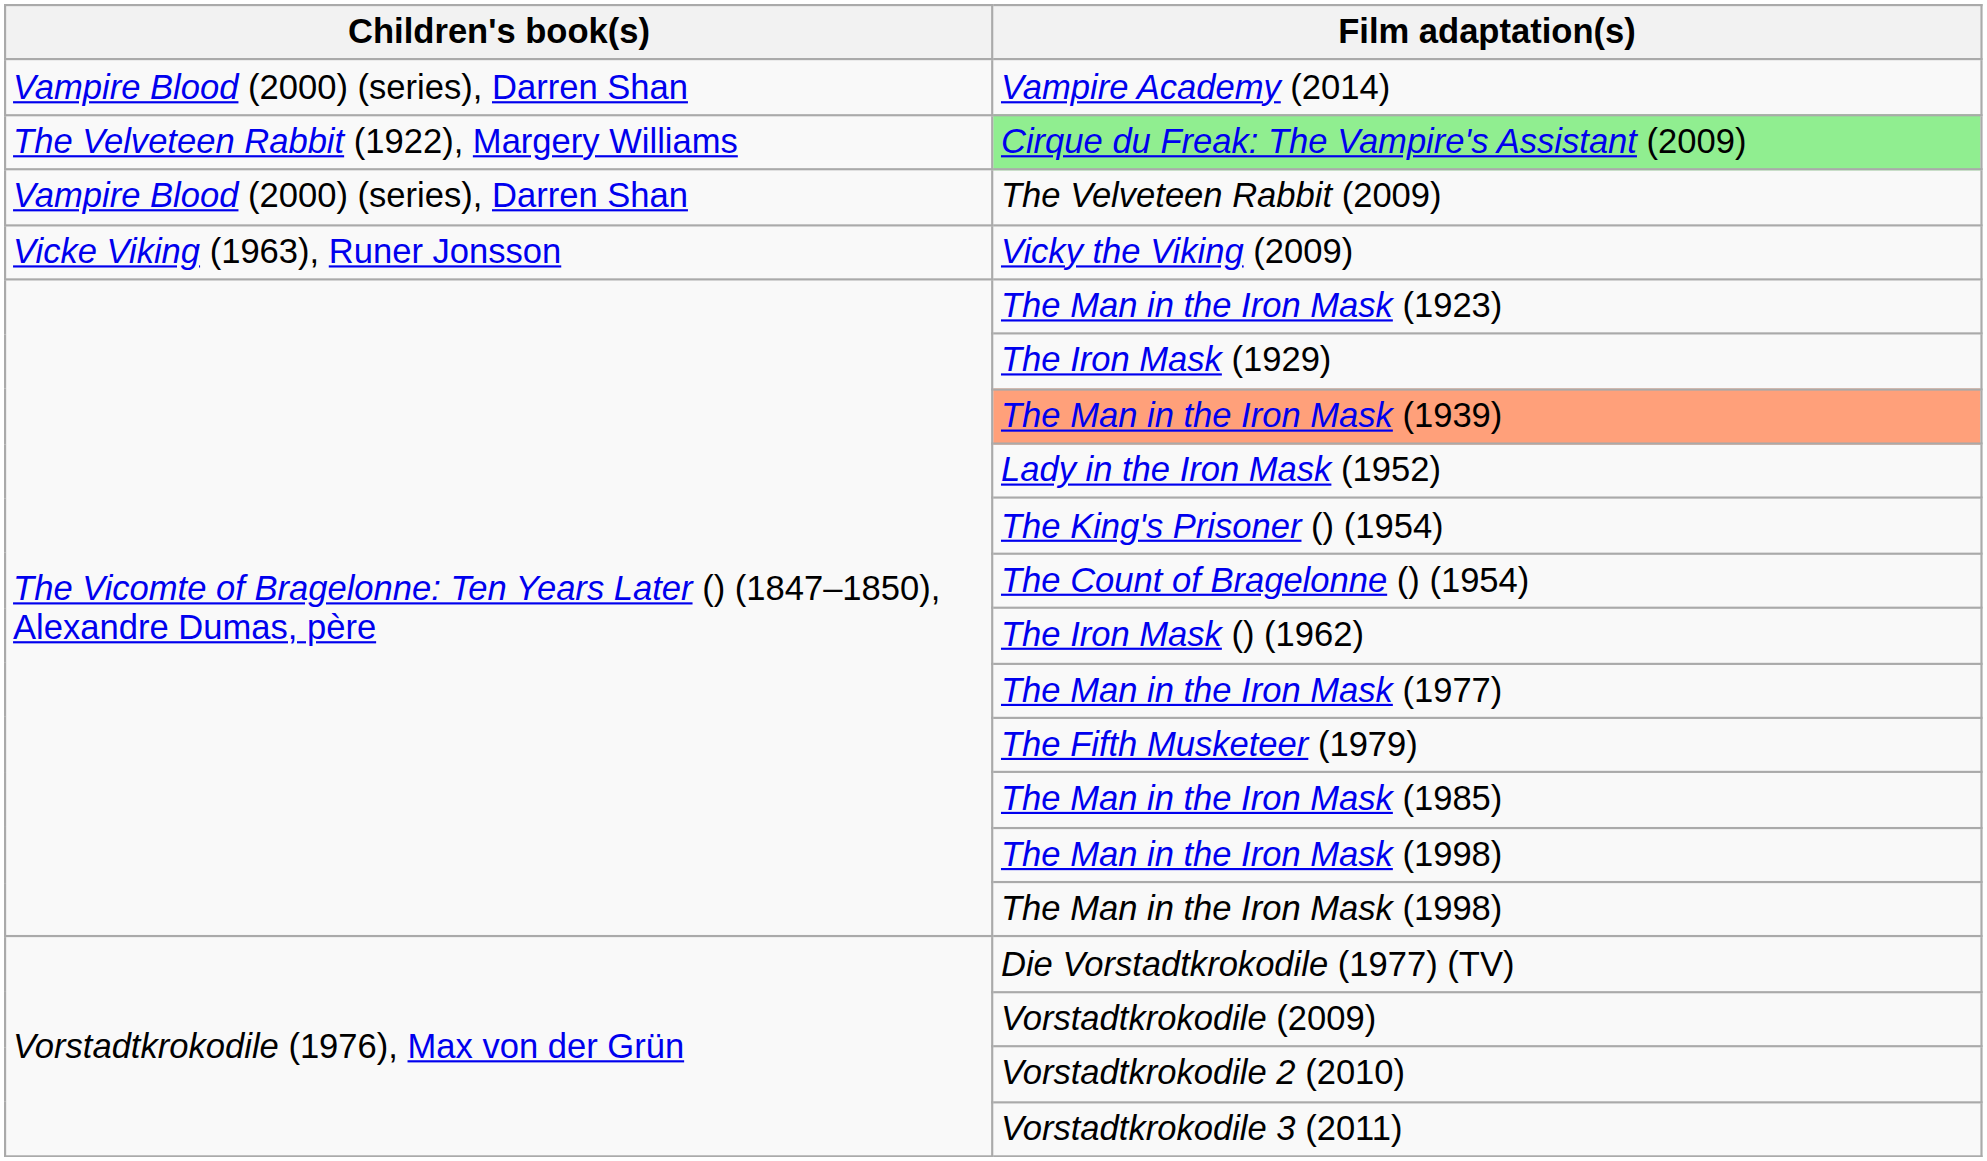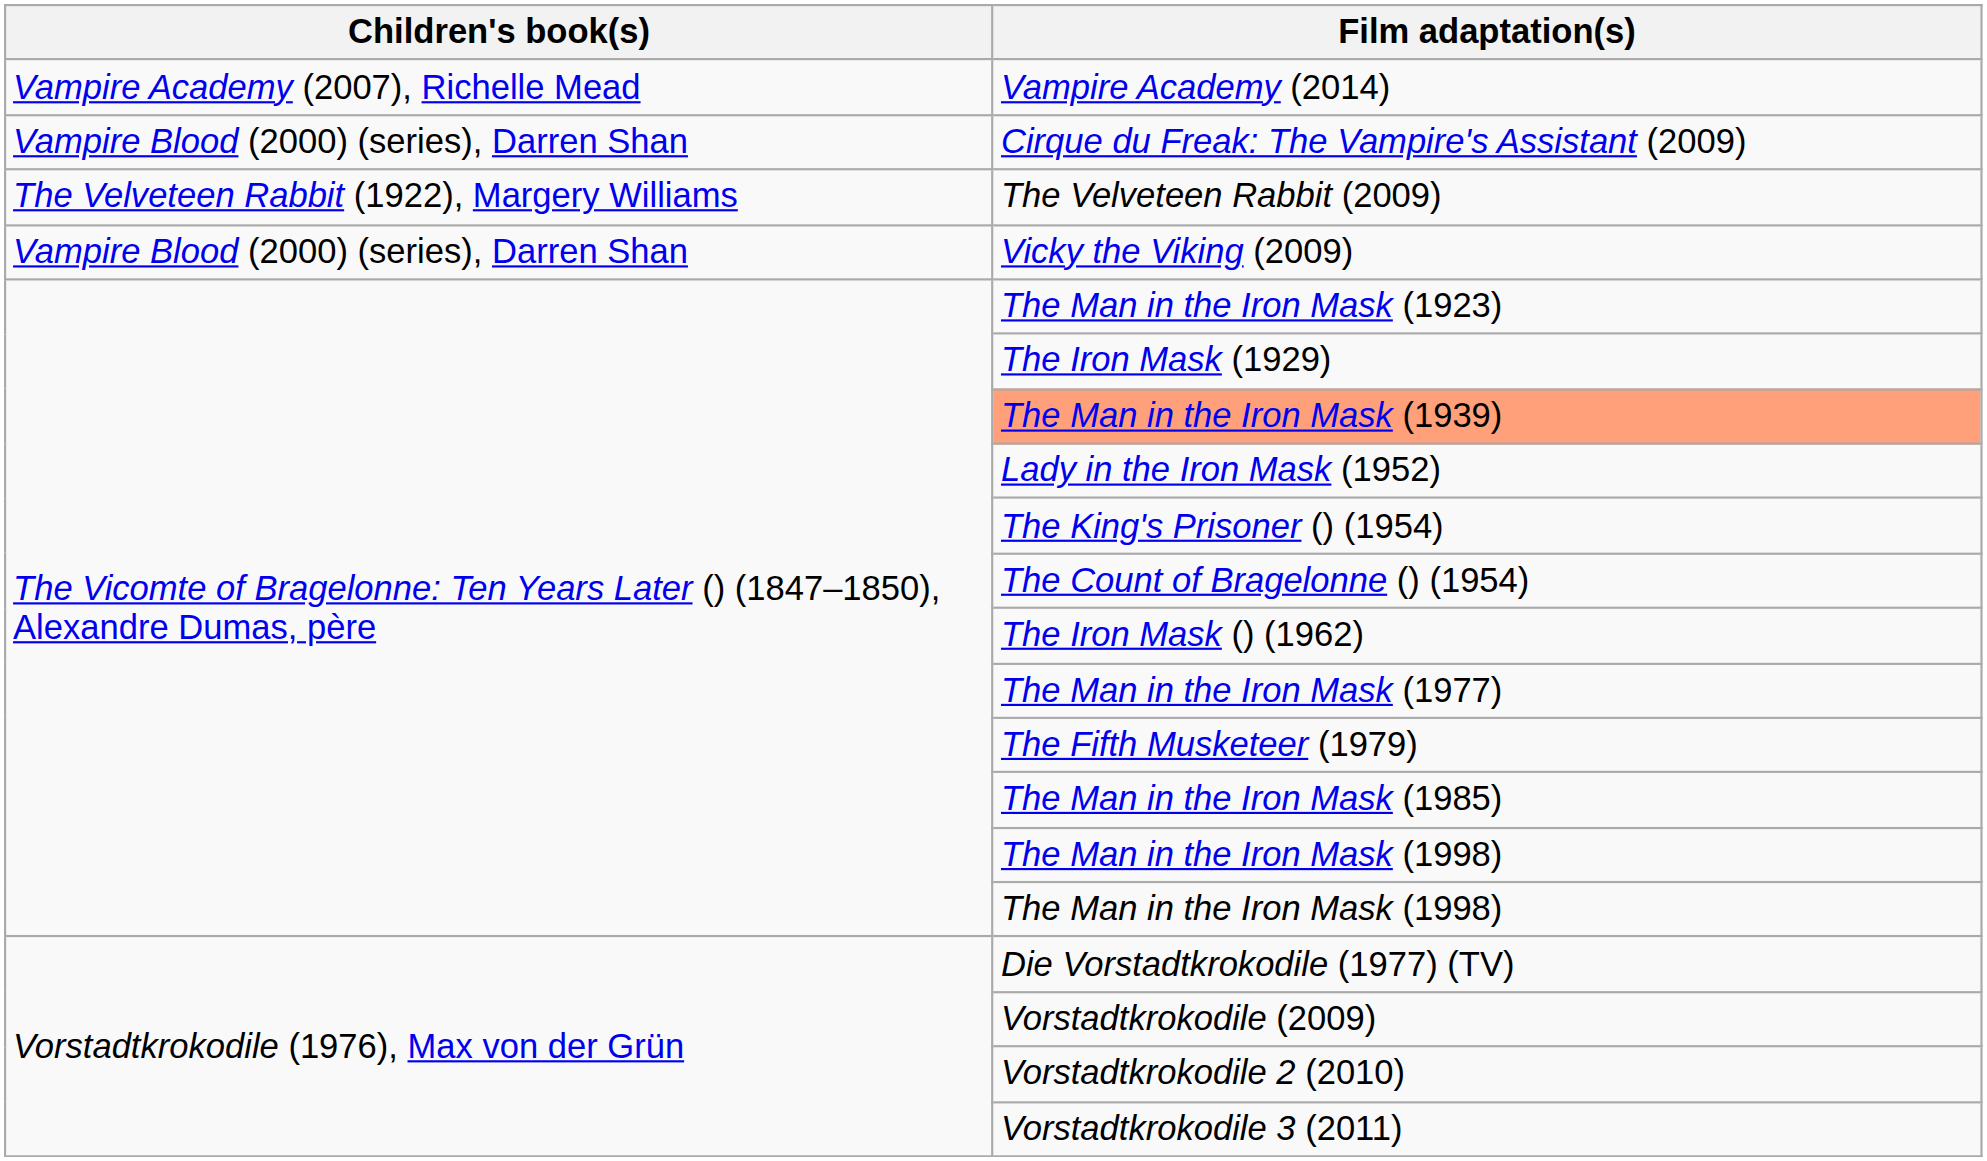 <table class="wikitable">
 <tr>
 <th width="450">Children's book(s)</th>
 <th width="450">Film adaptation(s)</th>
 </tr>
 <tr>
-<td><em><a href='#'>Vampire Blood</a></em> (2000) (series), <a href='#'>Darren Shan</a></td>
+<td><em><a href='#'>Vampire Academy</a></em> (2007), <a href='#'>Richelle Mead</a></td>
 <td><em><a href='#'>Vampire Academy</a></em> (2014)</td>
 </tr>
 <tr>
+<td><em><a href='#'>Vampire Blood</a></em> (2000) (series), <a href='#'>Darren Shan</a></td>
+<td><em><a href='#'>Cirque du Freak: The Vampire's Assistant</a></em> (2009)</td>
+</tr>
+<tr>
 <td><em><a href='#'>The Velveteen Rabbit</a></em> (1922), <a href='#'>Margery Williams</a></td>
-<td style="background: lightgreen;"><em><a href='#'>Cirque du Freak: The Vampire's Assistant</a></em> (2009)</td>
+<td><em>The Velveteen Rabbit</em> (2009)</td>
 </tr>
 <tr>
 <td><em><a href='#'>Vampire Blood</a></em> (2000) (series), <a href='#'>Darren Shan</a></td>
-<td><em>The Velveteen Rabbit</em> (2009)</td>
-</tr>
-<tr>
-<td><em><a href='#'>Vicke Viking</a></em> (1963), <a href='#'>Runer Jonsson</a></td>
 <td><em><a href='#'>Vicky the Viking</a></em> (2009)</td>
 </tr>
 <tr>
 <td rowspan="12"><em><a href='#'>The Vicomte of Bragelonne: Ten Years Later</a></em> () (1847–1850), <a href='#'>Alexandre Dumas, père</a></td>
 <td><em><a href='#'>The Man in the Iron Mask</a></em> (1923)</td>
 </tr>
 <tr>
 <td><em><a href='#'>The Iron Mask</a></em> (1929)</td>
 </tr>
 <tr>
 <td style="background: lightsalmon;"><em><a href='#'>The Man in the Iron Mask</a></em> (1939)</td>
 </tr>
 <tr>
 <td><em><a href='#'>Lady in the Iron Mask</a></em> (1952)</td>
 </tr>
 <tr>
 <td><em><a href='#'>The King's Prisoner</a></em> () (1954)</td>
 </tr>
 <tr>
 <td><em><a href='#'>The Count of Bragelonne</a></em> () (1954)</td>
 </tr>
 <tr>
 <td><em><a href='#'>The Iron Mask</a></em> () (1962)</td>
 </tr>
 <tr>
 <td><em><a href='#'>The Man in the Iron Mask</a></em> (1977)</td>
 </tr>
 <tr>
 <td><em><a href='#'>The Fifth Musketeer</a></em> (1979)</td>
 </tr>
 <tr>
 <td><em><a href='#'>The Man in the Iron Mask</a></em> (1985)</td>
 </tr>
 <tr>
 <td><em><a href='#'>The Man in the Iron Mask</a></em> (1998)</td>
 </tr>
 <tr>
 <td><em>The Man in the Iron Mask</em> (1998)</td>
 </tr>
 <tr>
 <td rowspan="4"><em>Vorstadtkrokodile</em> (1976), <a href='#'>Max von der Grün</a></td>
 <td><em>Die Vorstadtkrokodile</em> (1977) (TV)</td>
 </tr>
 <tr>
 <td><em>Vorstadtkrokodile</em> (2009)</td>
 </tr>
 <tr>
 <td><em>Vorstadtkrokodile 2</em> (2010)</td>
 </tr>
 <tr>
 <td><em>Vorstadtkrokodile 3</em> (2011)</td>
 </tr>
 </table>
